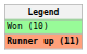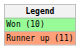 <table class="wikitable"  style="font-size:89%;">
 <tr>
 <th>Legend</th>
 </tr>
 <tr bgcolor=#98fb98>
 <td>Won (10)</td>
 </tr>
 <tr bgcolor=#ffa07a>
-<td><strong>Runner up (11)</strong></td>
+<td>Runner up (11)</td>
 </tr>
 </table>
